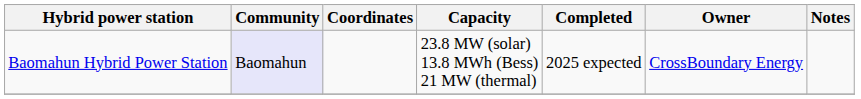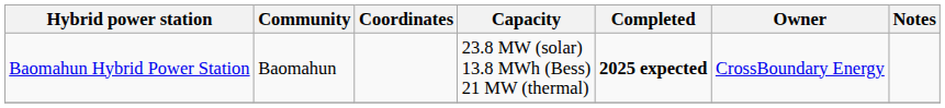 <table class="wikitable sortable">
 <tr>
 <th>Hybrid power station</th>
 <th>Community</th>
 <th>Coordinates</th>
 <th>Capacity</th>
 <th>Completed</th>
 <th>Owner</th>
 <th>Notes</th>
 </tr>
 <tr>
 <td><a href='#'>Baomahun Hybrid Power Station</a></td>
-<td style="background: lavender;">Baomahun</td>
+<td>Baomahun</td>
 <td></td>
 <td>23.8 MW (solar)<br>13.8 MWh (Bess)<br>21 MW (thermal)</td>
-<td>2025 expected</td>
+<td><strong>2025 expected</strong></td>
 <td><a href='#'>CrossBoundary Energy</a></td>
 <td></td>
 </tr>
 <tr>
 </tr>
 </table>
